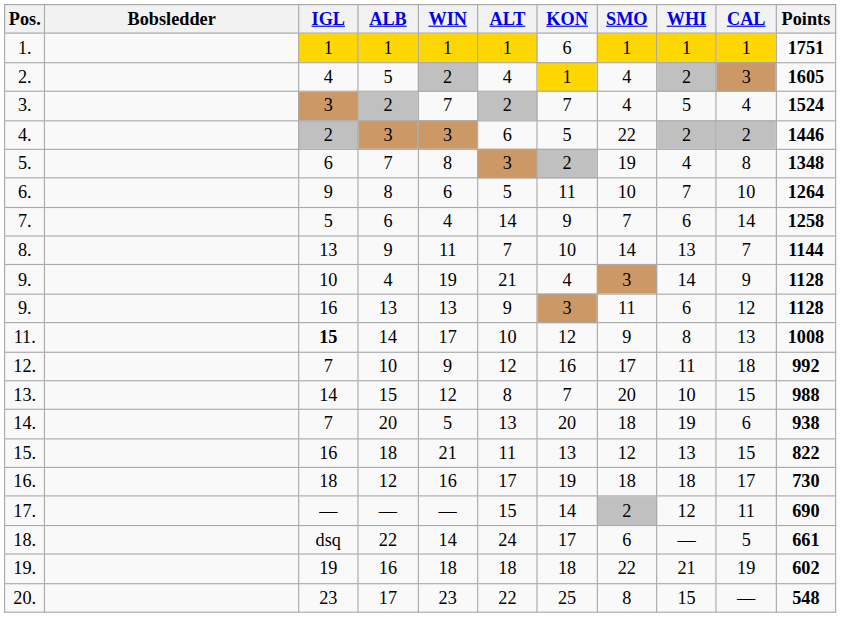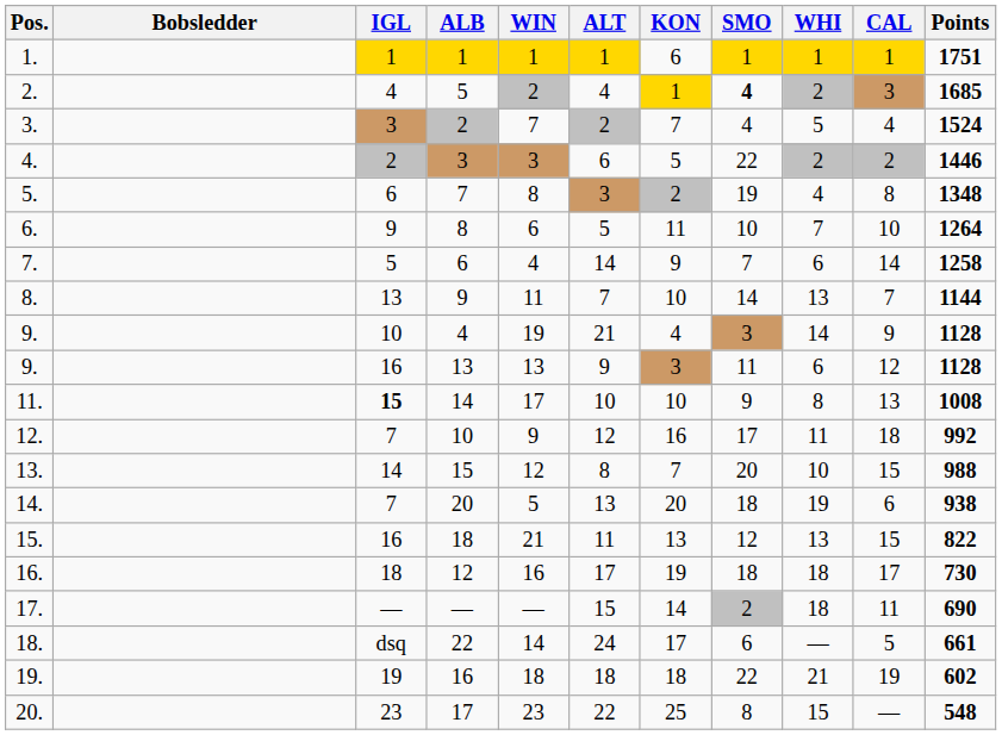 <table class=wikitable bgcolor="#f7f8ff" cellpadding="3" cellspacing="0" border="1" style="text-align:center; border: gray solid 1px; border-collapse: collapse;">
 <tr bgcolor="#CCCCCC">
 <th width="10">Pos.</th>
 <th width="215">Bobsledder</th>
 <th width="45"><a href='#'>IGL</a></th>
 <th width="45"><a href='#'>ALB</a></th>
 <th width="45"><a href='#'>WIN</a></th>
 <th width="45"><a href='#'>ALT</a></th>
 <th width="45"><a href='#'>KON</a></th>
 <th width="45"><a href='#'>SMO</a></th>
 <th width="45"><a href='#'>WHI</a></th>
 <th width="45"><a href='#'>CAL</a></th>
 <th width="45">Points</th>
 </tr>
 <tr>
 <td>1.</td>
 <td align="left"></td>
 <td bgcolor="gold">1</td>
 <td bgcolor="gold">1</td>
 <td bgcolor="gold">1</td>
 <td bgcolor="gold">1</td>
 <td>6</td>
 <td bgcolor="gold">1</td>
 <td bgcolor="gold">1</td>
 <td bgcolor="gold">1</td>
 <td><strong>1751</strong></td>
 </tr>
 <tr>
 <td>2.</td>
 <td align="left"></td>
 <td>4</td>
 <td>5</td>
 <td bgcolor="silver">2</td>
 <td>4</td>
 <td bgcolor="gold">1</td>
-<td>4</td>
+<td><strong>4</strong></td>
 <td bgcolor="silver">2</td>
 <td bgcolor="cc9966">3</td>
-<td><strong>1605</strong></td>
+<td><strong>1685</strong></td>
 </tr>
 <tr>
 <td>3.</td>
 <td align="left"></td>
 <td bgcolor="cc9966">3</td>
 <td bgcolor="silver">2</td>
 <td>7</td>
 <td bgcolor="silver">2</td>
 <td>7</td>
 <td>4</td>
 <td>5</td>
 <td>4</td>
 <td><strong>1524</strong></td>
 </tr>
 <tr>
 <td>4.</td>
 <td align="left"></td>
 <td bgcolor="silver">2</td>
 <td bgcolor="cc9966">3</td>
 <td bgcolor="cc9966">3</td>
 <td>6</td>
 <td>5</td>
 <td>22</td>
 <td bgcolor="silver">2</td>
 <td bgcolor="silver">2</td>
 <td><strong>1446</strong></td>
 </tr>
 <tr>
 <td>5.</td>
 <td align="left"></td>
 <td>6</td>
 <td>7</td>
 <td>8</td>
 <td bgcolor="cc9966">3</td>
 <td bgcolor="silver">2</td>
 <td>19</td>
 <td>4</td>
 <td>8</td>
 <td><strong>1348</strong></td>
 </tr>
 <tr>
 <td>6.</td>
 <td align="left"></td>
 <td>9</td>
 <td>8</td>
 <td>6</td>
 <td>5</td>
 <td>11</td>
 <td>10</td>
 <td>7</td>
 <td>10</td>
 <td><strong>1264</strong></td>
 </tr>
 <tr>
 <td>7.</td>
 <td align="left"></td>
 <td>5</td>
 <td>6</td>
 <td>4</td>
 <td>14</td>
 <td>9</td>
 <td>7</td>
 <td>6</td>
 <td>14</td>
 <td><strong>1258</strong></td>
 </tr>
 <tr>
 <td>8.</td>
 <td align="left"></td>
 <td>13</td>
 <td>9</td>
 <td>11</td>
 <td>7</td>
 <td>10</td>
 <td>14</td>
 <td>13</td>
 <td>7</td>
 <td><strong>1144</strong></td>
 </tr>
 <tr>
 <td>9.</td>
 <td align="left"></td>
 <td>10</td>
 <td>4</td>
 <td>19</td>
 <td>21</td>
 <td>4</td>
 <td bgcolor="cc9966">3</td>
 <td>14</td>
 <td>9</td>
 <td><strong>1128</strong></td>
 </tr>
 <tr>
 <td>9.</td>
 <td align="left"></td>
 <td>16</td>
 <td>13</td>
 <td>13</td>
 <td>9</td>
 <td bgcolor="cc9966">3</td>
 <td>11</td>
 <td>6</td>
 <td>12</td>
 <td><strong>1128</strong></td>
 </tr>
 <tr>
 <td>11.</td>
 <td align="left"></td>
 <td><strong>15</strong></td>
 <td>14</td>
 <td>17</td>
 <td>10</td>
-<td>12</td>
+<td>10</td>
 <td>9</td>
 <td>8</td>
 <td>13</td>
 <td><strong>1008</strong></td>
 </tr>
 <tr>
 <td>12.</td>
 <td align="left"></td>
 <td>7</td>
 <td>10</td>
 <td>9</td>
 <td>12</td>
 <td>16</td>
 <td>17</td>
 <td>11</td>
 <td>18</td>
 <td><strong>992</strong></td>
 </tr>
 <tr>
 <td>13.</td>
 <td align="left"></td>
 <td>14</td>
 <td>15</td>
 <td>12</td>
 <td>8</td>
 <td>7</td>
 <td>20</td>
 <td>10</td>
 <td>15</td>
 <td><strong>988</strong></td>
 </tr>
 <tr>
 <td>14.</td>
 <td align="left"></td>
 <td>7</td>
 <td>20</td>
 <td>5</td>
 <td>13</td>
 <td>20</td>
 <td>18</td>
 <td>19</td>
 <td>6</td>
 <td><strong>938</strong></td>
 </tr>
 <tr>
 <td>15.</td>
 <td align="left"></td>
 <td>16</td>
 <td>18</td>
 <td>21</td>
 <td>11</td>
 <td>13</td>
 <td>12</td>
 <td>13</td>
 <td>15</td>
 <td><strong>822</strong></td>
 </tr>
 <tr>
 <td>16.</td>
 <td align="left"></td>
 <td>18</td>
 <td>12</td>
 <td>16</td>
 <td>17</td>
 <td>19</td>
 <td>18</td>
 <td>18</td>
 <td>17</td>
 <td><strong>730</strong></td>
 </tr>
 <tr>
 <td>17.</td>
 <td align="left"></td>
 <td>—</td>
 <td>—</td>
 <td>—</td>
 <td>15</td>
 <td>14</td>
 <td bgcolor="silver">2</td>
-<td>12</td>
+<td>18</td>
 <td>11</td>
 <td><strong>690</strong></td>
 </tr>
 <tr>
 <td>18.</td>
 <td align="left"></td>
 <td>dsq</td>
 <td>22</td>
 <td>14</td>
 <td>24</td>
 <td>17</td>
 <td>6</td>
 <td>—</td>
 <td>5</td>
 <td><strong>661</strong></td>
 </tr>
 <tr>
 <td>19.</td>
 <td align="left"></td>
 <td>19</td>
 <td>16</td>
 <td>18</td>
 <td>18</td>
 <td>18</td>
 <td>22</td>
 <td>21</td>
 <td>19</td>
 <td><strong>602</strong></td>
 </tr>
 <tr>
 <td>20.</td>
 <td align="left"></td>
 <td>23</td>
 <td>17</td>
 <td>23</td>
 <td>22</td>
 <td>25</td>
 <td>8</td>
 <td>15</td>
 <td>—</td>
 <td><strong>548</strong></td>
 </tr>
 </table>
